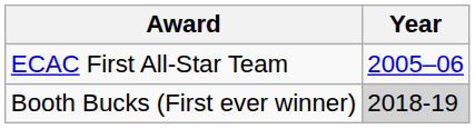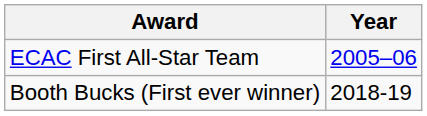 <table class="wikitable">
 <tr>
 <th>Award</th>
 <th>Year</th>
 </tr>
 <tr>
 <td><a href='#'>ECAC</a> First All-Star Team</td>
 <td><a href='#'>2005–06</a></td>
 </tr>
 <tr>
 <td>Booth Bucks (First ever winner)</td>
-<td style="background: lightgrey;">2018-19</td>
+<td>2018-19</td>
 </tr>
 </table>
